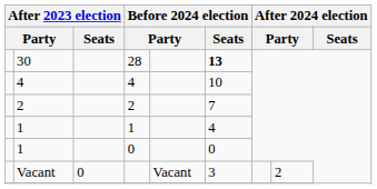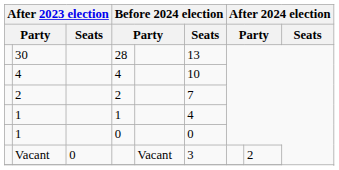 <table class="wikitable">
 <tr>
 <th colspan="3">After <a href='#'>2023 election</a></th>
 <th colspan="3">Before 2024 election</th>
 <th colspan="3">After 2024 election</th>
 </tr>
 <tr>
 <th colspan="2">Party</th>
 <th>Seats</th>
 <th colspan="2">Party</th>
 <th>Seats</th>
 <th colspan="2">Party</th>
 <th>Seats</th>
 </tr>
 <tr>
 <td></td>
 <td>30</td>
 <td></td>
 <td>28</td>
 <td></td>
-<td><strong>13</strong></td>
+<td>13</td>
 </tr>
 <tr>
 <td></td>
 <td>4</td>
 <td></td>
 <td>4</td>
 <td></td>
 <td>10</td>
 </tr>
 <tr>
 <td></td>
 <td>2</td>
 <td></td>
 <td>2</td>
 <td></td>
 <td>7</td>
 </tr>
 <tr>
 <td></td>
 <td>1</td>
 <td></td>
 <td>1</td>
 <td></td>
 <td>4</td>
 </tr>
 <tr>
 <td></td>
 <td>1</td>
 <td></td>
 <td>0</td>
 <td></td>
 <td>0</td>
 </tr>
 <tr>
 <td></td>
 <td>Vacant</td>
 <td>0</td>
 <td></td>
 <td>Vacant</td>
 <td>3</td>
 <td></td>
 <td>2</td>
 </tr>
 <tr>
 </tr>
 </table>
